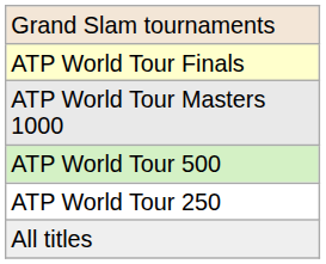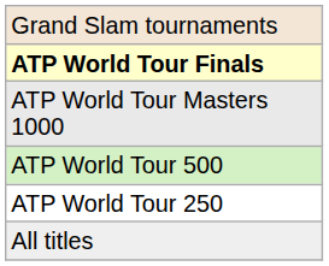 <table class="wikitable" style="font-size:89%;" width=15%>
 <tr bgcolor="#F3E6D7">
 <td>Grand Slam tournaments</td>
 </tr>
 <tr bgcolor="#ffffcc">
-<td>ATP World Tour Finals</td>
+<td><strong>ATP World Tour Finals</strong></td>
 </tr>
 <tr bgcolor="#E9E9E9">
 <td>ATP World Tour Masters 1000</td>
 </tr>
 <tr bgcolor="#D4F1C5">
 <td>ATP World Tour 500</td>
 </tr>
 <tr bgcolor="#ffffff">
 <td>ATP World Tour 250</td>
 </tr>
 <tr bgcolor="#efefef">
 <td>All titles</td>
 </tr>
 </table>
